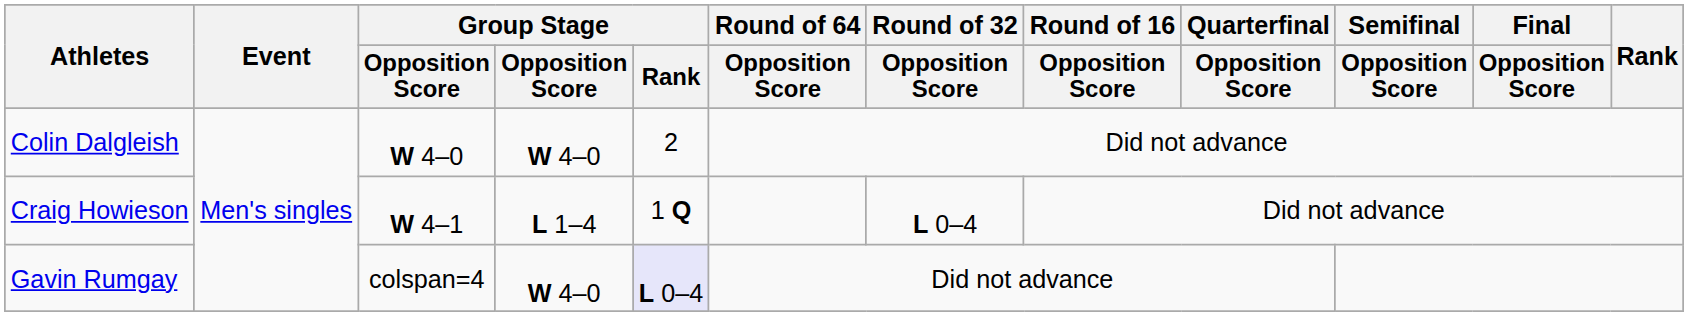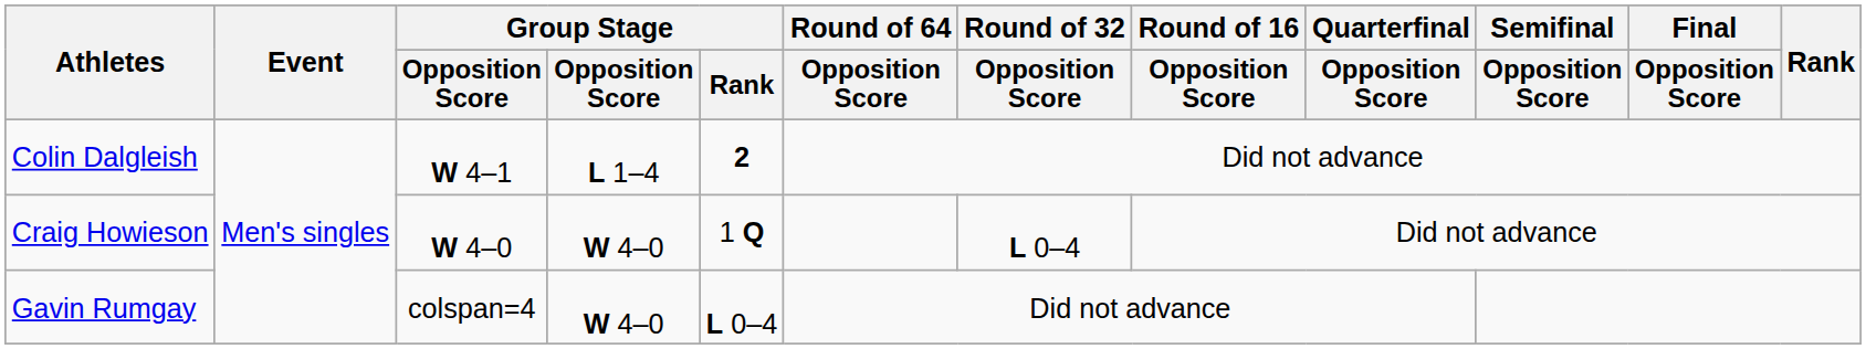 <table class="wikitable" style="font-size:90%">
 <tr>
 <th rowspan=2>Athletes</th>
 <th rowspan=2>Event</th>
 <th colspan=3>Group Stage</th>
 <th>Round of 64</th>
 <th>Round of 32</th>
 <th>Round of 16</th>
 <th>Quarterfinal</th>
 <th>Semifinal</th>
 <th>Final</th>
 <th rowspan=2>Rank</th>
 </tr>
 <tr style="font-size:95%">
 <th>Opposition<br>Score</th>
 <th>Opposition<br>Score</th>
 <th>Rank</th>
 <th>Opposition<br>Score</th>
 <th>Opposition<br>Score</th>
 <th>Opposition<br>Score</th>
 <th>Opposition<br>Score</th>
 <th>Opposition<br>Score</th>
 <th>Opposition<br>Score</th>
 </tr>
 <tr align=center>
 <td align=left><a href='#'>Colin Dalgleish</a></td>
 <td style="text-align:left;" rowspan="3"><a href='#'>Men's singles</a></td>
-<td><br><strong>W</strong> 4–0</td>
-<td><br><strong>W</strong> 4–0</td>
-<td>2</td>
+<td><br><strong>W</strong> 4–1</td>
+<td><br><strong>L</strong> 1–4</td>
+<td><strong>2</strong></td>
 <td colspan=7>Did not advance</td>
 </tr>
 <tr align=center>
 <td align=left><a href='#'>Craig Howieson</a></td>
-<td><br><strong>W</strong> 4–1</td>
-<td><br><strong>L</strong> 1–4</td>
+<td><br><strong>W</strong> 4–0</td>
+<td><br><strong>W</strong> 4–0</td>
 <td>1 <strong>Q</strong></td>
 <td></td>
 <td><br><strong>L</strong> 0–4</td>
 <td colspan=5>Did not advance</td>
 </tr>
 <tr align=center>
 <td align=left><a href='#'>Gavin Rumgay</a></td>
 <td>colspan=4</td>
 <td><br><strong>W</strong> 4–0</td>
-<td style="background: lavender;"><br><strong>L</strong> 0–4</td>
+<td><br><strong>L</strong> 0–4</td>
 <td colspan=4>Did not advance</td>
 </tr>
 </table>
